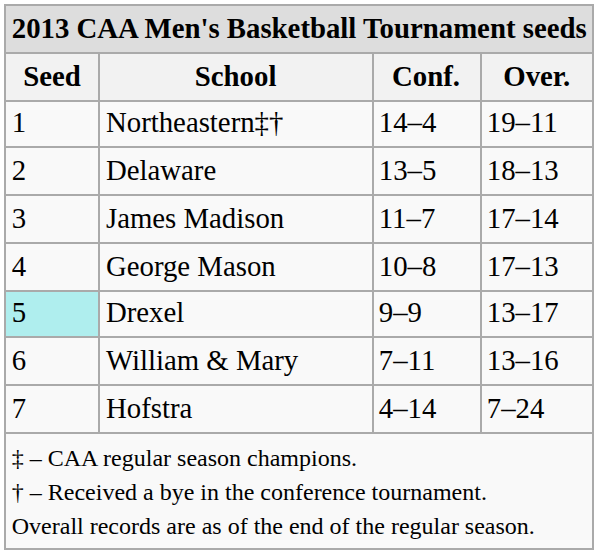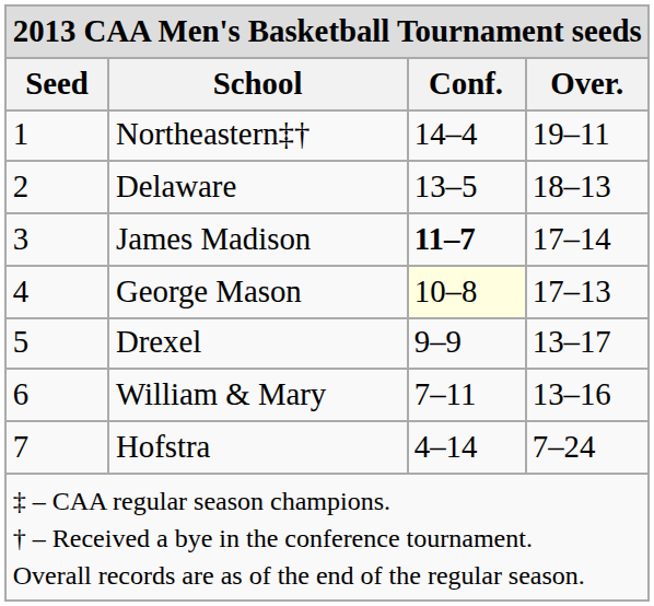 <table class="wikitable" style="white-space:nowrap; font-size:90%;">
 <tr>
 <td colspan="7" style="text-align:center; background:#DDDDDD; font:#000000"><strong>2013 CAA Men's Basketball Tournament seeds</strong></td>
 </tr>
 <tr bgcolor="#efefef">
 <th>Seed</th>
 <th>School</th>
 <th>Conf.</th>
 <th>Over.</th>
 </tr>
 <tr>
 <td>1</td>
 <td>Northeastern‡†</td>
 <td>14–4</td>
 <td>19–11</td>
 </tr>
 <tr>
 <td>2</td>
 <td>Delaware</td>
 <td>13–5</td>
 <td>18–13</td>
 </tr>
 <tr>
 <td>3</td>
 <td>James Madison</td>
-<td>11–7</td>
+<td><strong>11–7</strong></td>
 <td>17–14</td>
 </tr>
 <tr>
 <td>4</td>
 <td>George Mason</td>
-<td>10–8</td>
+<td style="background: lightyellow;">10–8</td>
 <td>17–13</td>
 </tr>
 <tr>
-<td style="background: paleturquoise;">5</td>
+<td>5</td>
 <td>Drexel</td>
 <td>9–9</td>
 <td>13–17</td>
 </tr>
 <tr>
 <td>6</td>
 <td>William & Mary</td>
 <td>7–11</td>
 <td>13–16</td>
 </tr>
 <tr>
 <td>7</td>
 <td>Hofstra</td>
 <td>4–14</td>
 <td>7–24</td>
 </tr>
 <tr>
 <td colspan="6" style="text-align:left;"><small>‡ – CAA regular season champions.<br>† – Received a bye in the conference tournament.<br>Overall records are as of the end of the regular season.</small></td>
 </tr>
 <tr>
 </tr>
 </table>
